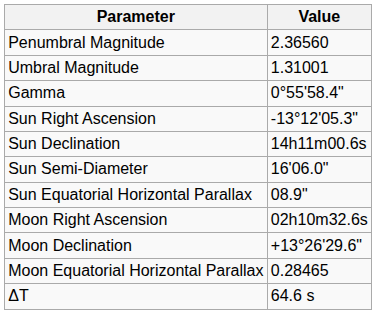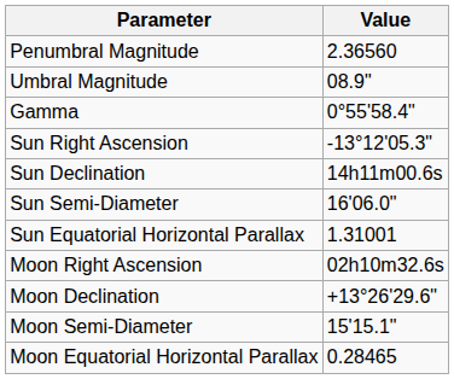 <table class="wikitable">
 <tr>
 <th>Parameter</th>
 <th>Value</th>
 </tr>
 <tr>
 <td>Penumbral Magnitude</td>
 <td>2.36560</td>
 </tr>
 <tr>
 <td>Umbral Magnitude</td>
-<td>1.31001</td>
+<td>08.9"</td>
 </tr>
 <tr>
 <td>Gamma</td>
 <td>0°55'58.4"</td>
 </tr>
 <tr>
 <td>Sun Right Ascension</td>
 <td>-13°12'05.3"</td>
 </tr>
 <tr>
 <td>Sun Declination</td>
 <td>14h11m00.6s</td>
 </tr>
 <tr>
 <td>Sun Semi-Diameter</td>
 <td>16'06.0"</td>
 </tr>
 <tr>
 <td>Sun Equatorial Horizontal Parallax</td>
-<td>08.9"</td>
+<td>1.31001</td>
 </tr>
 <tr>
 <td>Moon Right Ascension</td>
 <td>02h10m32.6s</td>
 </tr>
 <tr>
 <td>Moon Declination</td>
 <td>+13°26'29.6"</td>
 </tr>
 <tr>
+<td>Moon Semi-Diameter</td>
+<td>15'15.1"</td>
+</tr>
+<tr>
 <td>Moon Equatorial Horizontal Parallax</td>
 <td>0.28465</td>
 </tr>
-<tr>
-<td>ΔT</td>
-<td>64.6 s</td>
-</tr>
 </table>
